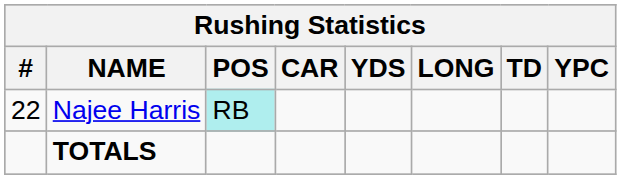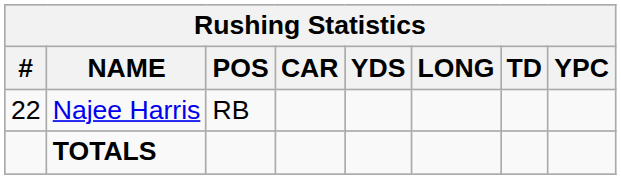 <table class="wikitable sortable collapsible collapsed">
 <tr>
 <th colspan="8">Rushing Statistics</th>
 </tr>
 <tr>
 <th>#</th>
 <th>NAME</th>
 <th>POS</th>
 <th>CAR</th>
 <th>YDS</th>
 <th>LONG</th>
 <th>TD</th>
 <th>YPC</th>
 </tr>
 <tr>
 <td>22</td>
 <td><a href='#'>Najee Harris</a></td>
-<td style="background: paleturquoise;">RB</td>
+<td>RB</td>
 <td></td>
 <td></td>
 <td></td>
 <td></td>
 <td></td>
 </tr>
 <tr>
 <td></td>
 <td><strong>TOTALS</strong></td>
 <td></td>
 <td></td>
 <td></td>
 <td></td>
 <td></td>
 <td></td>
 </tr>
 </table>
